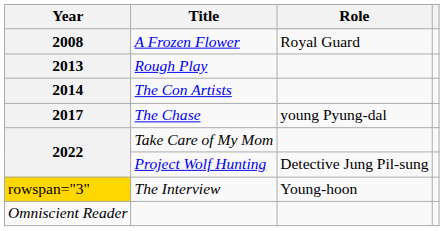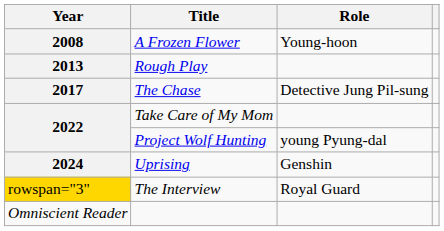 <table class="wikitable  plainrowheaders">
 <tr>
 <th scope="col">Year</th>
 <th scope="col">Title</th>
 <th scope="col">Role</th>
 <th scope="col" class="unsortable"></th>
 </tr>
 <tr>
 <th scope="row">2008</th>
 <td><em><a href='#'>A Frozen Flower</a></em></td>
-<td>Royal Guard</td>
+<td>Young-hoon</td>
 <td style="text-align:center"></td>
 </tr>
 <tr>
 <th scope="row">2013</th>
 <td><em><a href='#'>Rough Play</a></em></td>
 <td></td>
 <td style="text-align:center"></td>
 </tr>
 <tr>
-<th scope="row">2014</th>
-<td><em><a href='#'>The Con Artists</a></em></td>
-<td></td>
-<td style="text-align:center"></td>
-</tr>
-<tr>
 <th scope="row">2017</th>
 <td><em><a href='#'>The Chase</a></em></td>
-<td>young Pyung-dal</td>
+<td>Detective Jung Pil-sung</td>
 <td></td>
 </tr>
 <tr>
 <th scope="row" rowspan="2">2022</th>
 <td><em>Take Care of My Mom</em></td>
 <td></td>
 <td></td>
 </tr>
 <tr>
 <td><em><a href='#'>Project Wolf Hunting</a></em></td>
-<td>Detective Jung Pil-sung</td>
+<td>young Pyung-dal</td>
+<td style="text-align:center"></td>
+</tr>
+<tr>
+<th scope="row">2024</th>
+<td><a href='#'><em>Uprising</em></a></td>
+<td>Genshin</td>
 <td style="text-align:center"></td>
 </tr>
 <tr>
 <td style="background: gold;">rowspan="3" </td>
 <td><em>The Interview</em></td>
-<td>Young-hoon</td>
+<td>Royal Guard</td>
 <td style="text-align:center"></td>
 </tr>
 <tr>
 <td><em>Omniscient Reader</em></td>
 <td></td>
 <td style="text-align:center"></td>
 </tr>
 </table>
